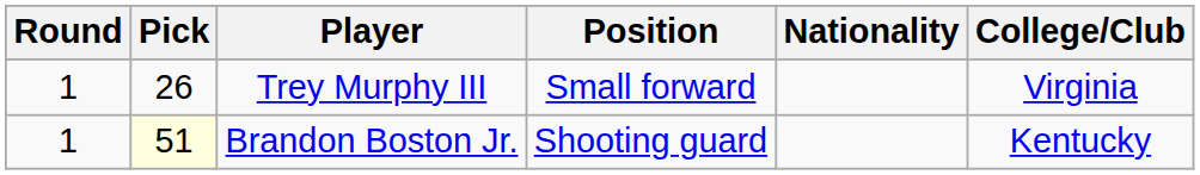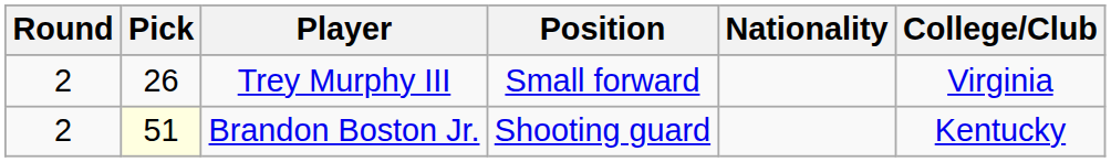 <table class="wikitable sortable sortable" style="text-align: center">
 <tr>
 <th>Round</th>
 <th>Pick</th>
 <th>Player</th>
 <th>Position</th>
 <th>Nationality</th>
 <th>College/Club</th>
 </tr>
 <tr style="text-align: center">
-<td>1</td>
+<td>2</td>
 <td>26</td>
 <td><a href='#'>Trey Murphy III</a></td>
 <td><a href='#'>Small forward</a></td>
 <td></td>
 <td><a href='#'>Virginia</a></td>
 </tr>
 <tr style="text-align: center">
-<td>1</td>
+<td>2</td>
 <td style="background: lightyellow;">51</td>
 <td><a href='#'>Brandon Boston Jr.</a></td>
 <td><a href='#'>Shooting guard</a></td>
 <td></td>
 <td><a href='#'>Kentucky</a></td>
 </tr>
 </table>
